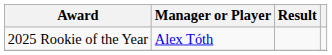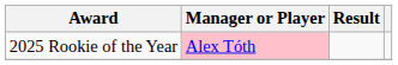 <table class="wikitable" style="text-align:center;">
 <tr>
 <th>Award</th>
 <th>Manager or Player</th>
 <th>Result</th>
 <th></th>
 </tr>
 <tr>
 <td style="text-align:left;">2025 Rookie of the Year</td>
-<td style="text-align:left;"> <a href='#'>Alex Tóth</a></td>
+<td style="background: pink; text-align:left;"> <a href='#'>Alex Tóth</a></td>
 <td></td>
 <td></td>
 </tr>
 <tr>
 </tr>
 </table>
